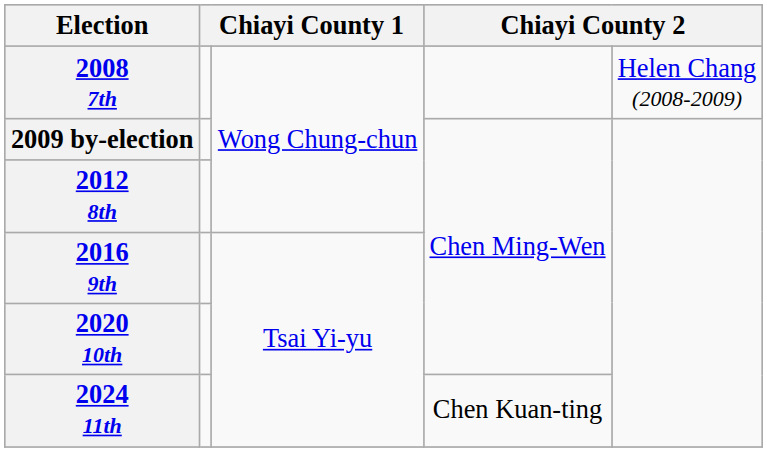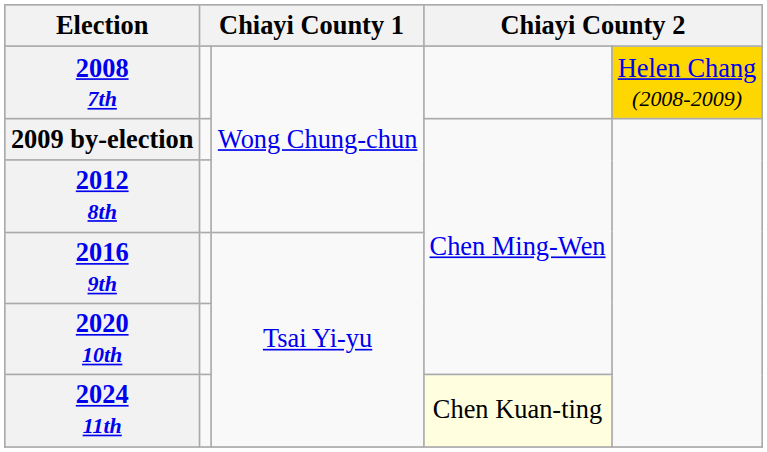 <table class="wikitable" align="center" style="text-align:center">
 <tr>
 <th>Election</th>
 <th colspan="2" width="80px">Chiayi County 1</th>
 <th colspan="2" width="80px">Chiayi County 2</th>
 </tr>
 <tr>
 <th><a href='#'>2008</a><br><small><em><a href='#'>7th</a></em></small><br></th>
 <td style="color:inherit;background:"></td>
 <td rowspan=3><a href='#'>Wong Chung-chun</a></td>
 <td style="color:inherit;background:"></td>
-<td><a href='#'>Helen Chang</a><br><small><em>(2008-2009)</em></small></td>
+<td style="background: gold;"><a href='#'>Helen Chang</a><br><small><em>(2008-2009)</em></small></td>
 </tr>
 <tr>
 <th>2009 by-election</th>
 <td style="color:inherit;background:"></td>
 <td rowspan=4><a href='#'>Chen Ming-Wen</a></td>
 </tr>
 <tr>
 <th><a href='#'>2012</a><br><small><em><a href='#'>8th</a></em></small><br></th>
 </tr>
 <tr>
 <th><a href='#'>2016</a><br><small><em><a href='#'>9th</a></em></small><br></th>
 <td style="color:inherit;background:"></td>
 <td rowspan=3><a href='#'>Tsai Yi-yu</a></td>
 </tr>
 <tr>
 <th><a href='#'>2020</a><br><small><em><a href='#'>10th</a></em></small><br></th>
 </tr>
 <tr>
 <th><a href='#'>2024</a><br><small><em><a href='#'>11th</a></em></small><br></th>
 <td style="color:inherit;background:"></td>
-<td>Chen Kuan-ting</td>
+<td style="background: lightyellow;">Chen Kuan-ting</td>
 </tr>
 </table>
